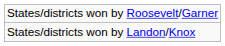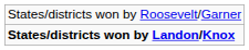 <table class="wikitable">
 <tr>
 <td>States/districts won by <a href='#'>Roosevelt</a>/<a href='#'>Garner</a></td>
 </tr>
 <tr>
-<td>States/districts won by <a href='#'>Landon</a>/<a href='#'>Knox</a></td>
+<td><strong>States/districts won by <a href='#'>Landon</a>/<a href='#'>Knox</a></strong></td>
 </tr>
 </table>
